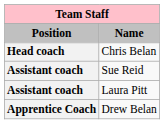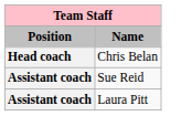 <table class="wikitable" style="text-align:left; font-size:90%;">
 <tr>
 <th style=background:pink colspan=2>Team Staff</th>
 </tr>
 <tr>
 <th style="background:silver;">Position</th>
 <th style="background:silver;">Name</th>
 </tr>
 <tr>
 <th style="text-align:left;">Head coach</th>
 <td>Chris Belan</td>
 </tr>
 <tr>
 <th style="text-align:left;">Assistant coach</th>
 <td>Sue Reid</td>
 </tr>
 <tr>
 <th style="text-align:left;">Assistant coach</th>
 <td>Laura Pitt</td>
 </tr>
-<tr>
-<th style="text-align:left;">Apprentice Coach</th>
-<td>Drew Belan</td>
-</tr>
 </table>
